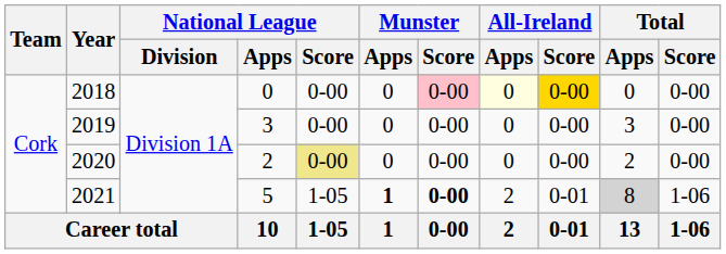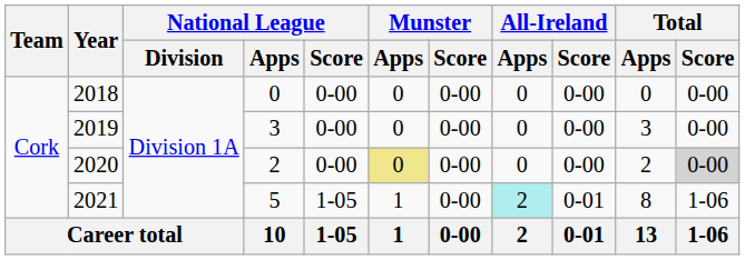 <table class="wikitable" style="text-align:center">
 <tr>
 <th rowspan="2">Team</th>
 <th rowspan="2">Year</th>
 <th colspan="3"><a href='#'>National League</a></th>
 <th colspan="2"><a href='#'>Munster</a></th>
 <th colspan="2"><a href='#'>All-Ireland</a></th>
 <th colspan="2">Total</th>
 </tr>
 <tr>
 <th>Division</th>
 <th>Apps</th>
 <th>Score</th>
 <th>Apps</th>
 <th>Score</th>
 <th>Apps</th>
 <th>Score</th>
 <th>Apps</th>
 <th>Score</th>
 </tr>
 <tr>
 <td rowspan="4"><a href='#'>Cork</a></td>
 <td>2018</td>
 <td rowspan="4"><a href='#'>Division 1A</a></td>
 <td>0</td>
 <td>0-00</td>
 <td>0</td>
-<td style="background: pink;">0-00</td>
-<td style="background: lightyellow;">0</td>
-<td style="background: gold;">0-00</td>
+<td>0-00</td>
+<td>0</td>
+<td>0-00</td>
 <td>0</td>
 <td>0-00</td>
 </tr>
 <tr>
 <td>2019</td>
 <td>3</td>
 <td>0-00</td>
 <td>0</td>
 <td>0-00</td>
 <td>0</td>
 <td>0-00</td>
 <td>3</td>
 <td>0-00</td>
 </tr>
 <tr>
 <td>2020</td>
 <td>2</td>
-<td style="background: khaki;">0-00</td>
-<td>0</td>
+<td>0-00</td>
+<td style="background: khaki;">0</td>
 <td>0-00</td>
 <td>0</td>
 <td>0-00</td>
 <td>2</td>
-<td>0-00</td>
+<td style="background: lightgrey;">0-00</td>
 </tr>
 <tr>
 <td>2021</td>
 <td>5</td>
 <td>1-05</td>
-<td><strong>1</strong></td>
-<td><strong>0-00</strong></td>
-<td>2</td>
+<td>1</td>
+<td>0-00</td>
+<td style="background: paleturquoise;">2</td>
 <td>0-01</td>
-<td style="background: lightgrey;">8</td>
+<td>8</td>
 <td>1-06</td>
 </tr>
 <tr>
 <th colspan="3">Career total</th>
 <th>10</th>
 <th>1-05</th>
 <th>1</th>
 <th>0-00</th>
 <th>2</th>
 <th>0-01</th>
 <th>13</th>
 <th>1-06</th>
 </tr>
 </table>
